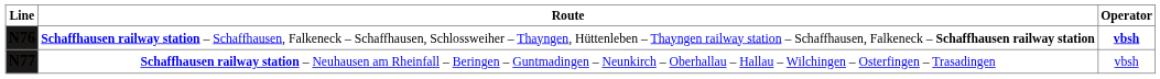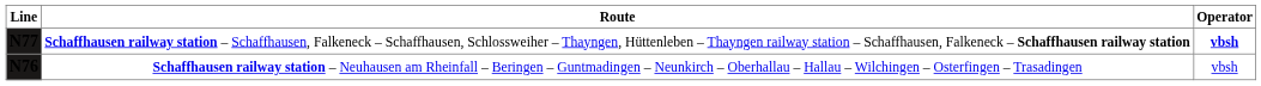 <table border="1" cellspacing="0" cellpadding="3" style="border-collapse:collapse; font-size:95%; margin-left:10px; margin-bottom:5px;">
 <tr>
 <th>Line</th>
 <th>Route</th>
 <th>Operator</th>
 </tr>
 <tr align=center>
-<td bgcolor=#1A1817><span><big><strong>N76</strong></big></span></td>
+<td bgcolor=#1A1817><span><big><strong>N77</strong></big></span></td>
 <td><strong><a href='#'>Schaffhausen railway station</a></strong> – <a href='#'>Schaffhausen</a>, Falkeneck – Schaffhausen, Schlossweiher – <a href='#'>Thayngen</a>, Hüttenleben – <a href='#'>Thayngen railway station</a> – Schaffhausen, Falkeneck – <strong>Schaffhausen railway station</strong></td>
 <td><strong><a href='#'>vbsh</a></strong></td>
 </tr>
 <tr align=center>
-<td bgcolor=#1A1817><span><big><strong>N77</strong></big></span></td>
+<td bgcolor=#1A1817><span><big><strong>N76</strong></big></span></td>
 <td><strong><a href='#'>Schaffhausen railway station</a></strong> – <a href='#'>Neuhausen am Rheinfall</a> – <a href='#'>Beringen</a> – <a href='#'>Guntmadingen</a> – <a href='#'>Neunkirch</a> – <a href='#'>Oberhallau</a> – <a href='#'>Hallau</a> – <a href='#'>Wilchingen</a> – <a href='#'>Osterfingen</a> – <a href='#'>Trasadingen</a></td>
 <td><a href='#'>vbsh</a></td>
 </tr>
 </table>
